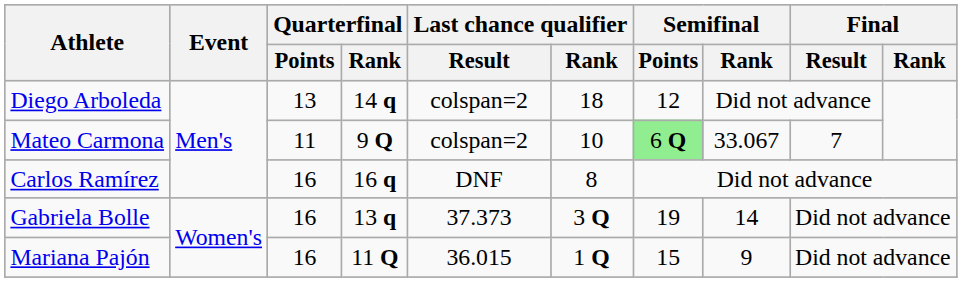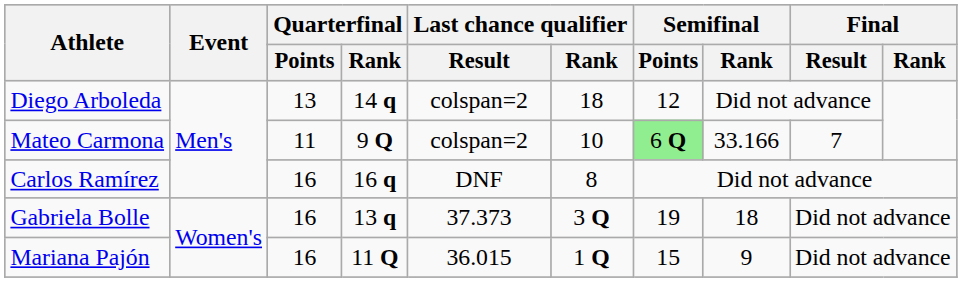 <table class="wikitable" style="font-size:90%;">
 <tr>
 <th rowspan=2>Athlete</th>
 <th rowspan=2>Event</th>
 <th colspan=2>Quarterfinal</th>
 <th colspan=2>Last chance qualifier</th>
 <th colspan=2>Semifinal</th>
 <th colspan=2>Final</th>
 </tr>
 <tr style="font-size:95%">
 <th>Points</th>
 <th>Rank</th>
 <th>Result</th>
 <th>Rank</th>
 <th>Points</th>
 <th>Rank</th>
 <th>Result</th>
 <th>Rank</th>
 </tr>
 <tr align=center>
 <td align=left><a href='#'>Diego Arboleda</a></td>
 <td align=left rowspan=3><a href='#'>Men's</a></td>
 <td>13</td>
 <td>14 <strong>q</strong></td>
 <td>colspan=2 </td>
 <td>18</td>
 <td>12</td>
 <td colspan=2>Did not advance</td>
 </tr>
 <tr align=center>
 <td align=left><a href='#'>Mateo Carmona</a></td>
 <td>11</td>
 <td>9 <strong>Q</strong></td>
 <td>colspan=2 </td>
 <td>10</td>
 <td style="background: lightgreen;">6 <strong>Q</strong></td>
-<td>33.067</td>
+<td>33.166</td>
 <td>7</td>
 </tr>
 <tr align=center>
 <td align=left><a href='#'>Carlos Ramírez</a></td>
 <td>16</td>
 <td>16 <strong>q</strong></td>
 <td>DNF</td>
 <td>8</td>
 <td colspan=4>Did not advance</td>
 </tr>
 <tr align=center>
 <td align=left><a href='#'>Gabriela Bolle</a></td>
 <td align=left rowspan=2><a href='#'>Women's</a></td>
 <td>16</td>
 <td>13 <strong>q</strong></td>
 <td>37.373</td>
 <td>3 <strong>Q</strong></td>
 <td>19</td>
-<td>14</td>
+<td>18</td>
 <td colspan=2>Did not advance</td>
 </tr>
 <tr align=center>
 <td align=left><a href='#'>Mariana Pajón</a></td>
 <td>16</td>
 <td>11 <strong>Q</strong></td>
 <td>36.015</td>
 <td>1 <strong>Q</strong></td>
 <td>15</td>
 <td>9</td>
 <td colspan=2>Did not advance</td>
 </tr>
 </table>
